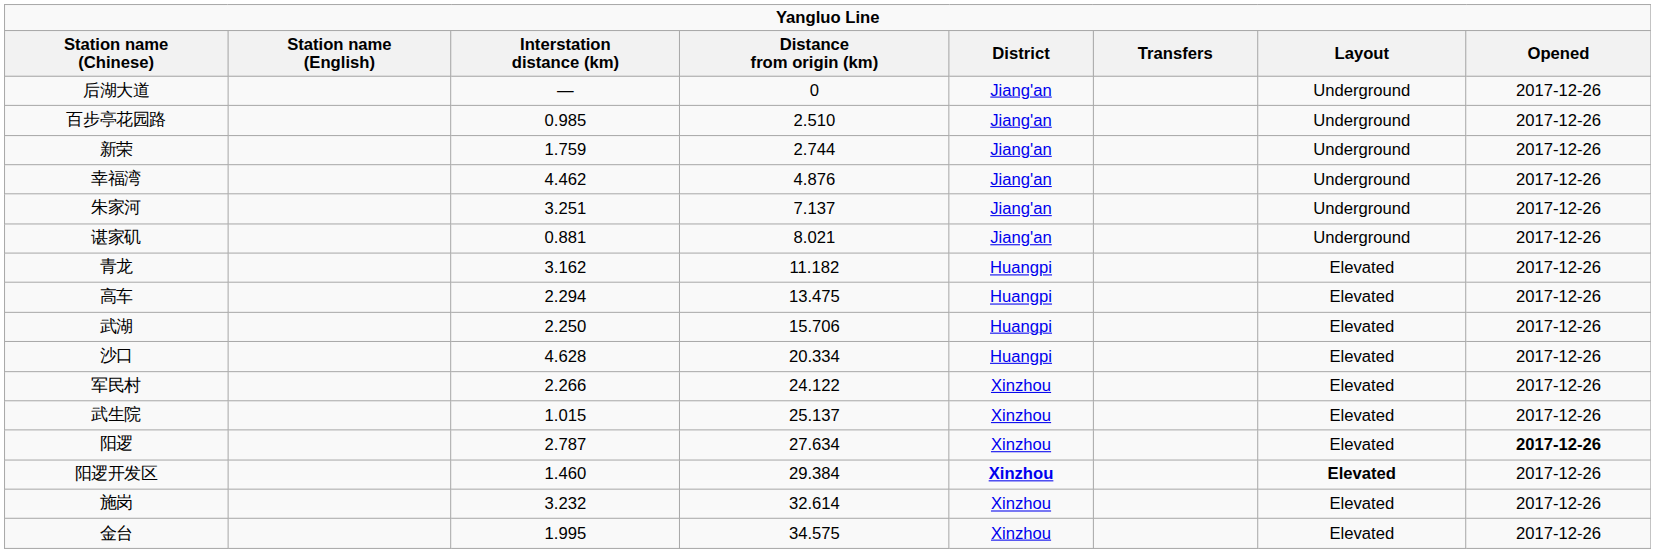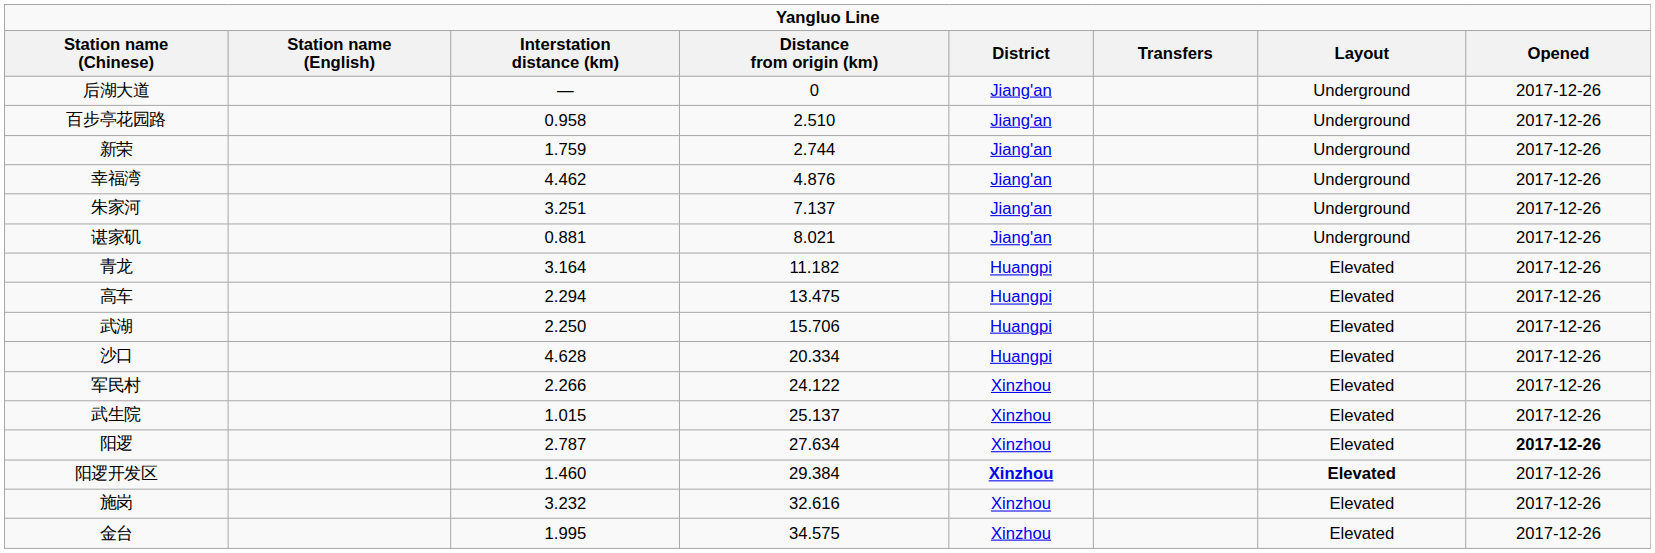 <table class="wikitable" style="width:100%; text-align: center;">
 <tr>
 <td align=center colspan=10><span><strong>Yangluo Line</strong></span></td>
 </tr>
 <tr bgcolor="#CCCCCC">
 <th>Station name<br>(Chinese)</th>
 <th>Station name<br>(English)</th>
 <th>Interstation<br>distance (km)</th>
 <th>Distance<br>from origin (km)</th>
 <th>District</th>
 <th>Transfers</th>
 <th>Layout</th>
 <th>Opened</th>
 </tr>
 <tr>
 <td>后湖大道</td>
 <td></td>
 <td>—</td>
 <td>0</td>
 <td><a href='#'>Jiang'an</a></td>
 <td></td>
 <td>Underground</td>
 <td>2017-12-26</td>
 </tr>
 <tr>
 <td>百步亭花园路</td>
 <td></td>
-<td>0.985</td>
+<td>0.958</td>
 <td>2.510</td>
 <td><a href='#'>Jiang'an</a></td>
 <td></td>
 <td>Underground</td>
 <td>2017-12-26</td>
 </tr>
 <tr>
 <td>新荣</td>
 <td></td>
 <td>1.759</td>
 <td>2.744</td>
 <td><a href='#'>Jiang'an</a></td>
 <td></td>
 <td>Underground</td>
 <td>2017-12-26</td>
 </tr>
 <tr>
 <td>幸福湾</td>
 <td></td>
 <td>4.462</td>
 <td>4.876</td>
 <td><a href='#'>Jiang'an</a></td>
 <td></td>
 <td>Underground</td>
 <td>2017-12-26</td>
 </tr>
 <tr>
 <td>朱家河</td>
 <td></td>
 <td>3.251</td>
 <td>7.137</td>
 <td><a href='#'>Jiang'an</a></td>
 <td></td>
 <td>Underground</td>
 <td>2017-12-26</td>
 </tr>
 <tr>
 <td>谌家矶</td>
 <td></td>
 <td>0.881</td>
 <td>8.021</td>
 <td><a href='#'>Jiang'an</a></td>
 <td></td>
 <td>Underground</td>
 <td>2017-12-26</td>
 </tr>
 <tr>
 <td>青龙</td>
 <td></td>
-<td>3.162</td>
+<td>3.164</td>
 <td>11.182</td>
 <td><a href='#'>Huangpi</a></td>
 <td></td>
 <td>Elevated</td>
 <td>2017-12-26</td>
 </tr>
 <tr>
 <td>高车</td>
 <td></td>
 <td>2.294</td>
 <td>13.475</td>
 <td><a href='#'>Huangpi</a></td>
 <td></td>
 <td>Elevated</td>
 <td>2017-12-26</td>
 </tr>
 <tr>
 <td>武湖</td>
 <td></td>
 <td>2.250</td>
 <td>15.706</td>
 <td><a href='#'>Huangpi</a></td>
 <td></td>
 <td>Elevated</td>
 <td>2017-12-26</td>
 </tr>
 <tr>
 <td>沙口</td>
 <td></td>
 <td>4.628</td>
 <td>20.334</td>
 <td><a href='#'>Huangpi</a></td>
 <td></td>
 <td>Elevated</td>
 <td>2017-12-26</td>
 </tr>
 <tr>
 <td>军民村</td>
 <td></td>
 <td>2.266</td>
 <td>24.122</td>
 <td><a href='#'>Xinzhou</a></td>
 <td></td>
 <td>Elevated</td>
 <td>2017-12-26</td>
 </tr>
 <tr>
 <td>武生院</td>
 <td></td>
 <td>1.015</td>
 <td>25.137</td>
 <td><a href='#'>Xinzhou</a></td>
 <td></td>
 <td>Elevated</td>
 <td>2017-12-26</td>
 </tr>
 <tr>
 <td>阳逻</td>
 <td></td>
 <td>2.787</td>
 <td>27.634</td>
 <td><a href='#'>Xinzhou</a></td>
 <td></td>
 <td>Elevated</td>
 <td><strong>2017-12-26</strong></td>
 </tr>
 <tr>
 <td>阳逻开发区</td>
 <td></td>
 <td>1.460</td>
 <td>29.384</td>
 <td><strong><a href='#'>Xinzhou</a></strong></td>
 <td></td>
 <td><strong>Elevated</strong></td>
 <td>2017-12-26</td>
 </tr>
 <tr>
 <td>施岗</td>
 <td></td>
 <td>3.232</td>
-<td>32.614</td>
+<td>32.616</td>
 <td><a href='#'>Xinzhou</a></td>
 <td></td>
 <td>Elevated</td>
 <td>2017-12-26</td>
 </tr>
 <tr>
 <td>金台</td>
 <td></td>
 <td>1.995</td>
 <td>34.575</td>
 <td><a href='#'>Xinzhou</a></td>
 <td></td>
 <td>Elevated</td>
 <td>2017-12-26</td>
 </tr>
 </table>
